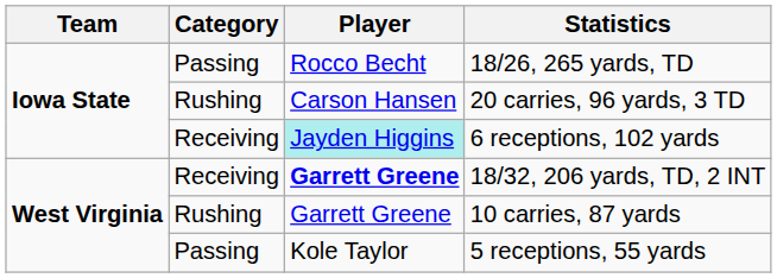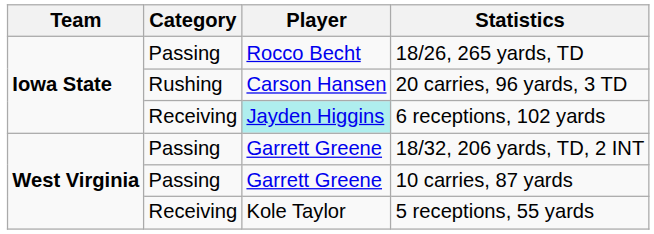 <table class="wikitable" style="float: right;">
 <tr>
 <th>Team</th>
 <th>Category</th>
 <th>Player</th>
 <th>Statistics</th>
 </tr>
 <tr>
 <td rowspan=3><strong>Iowa State</strong></td>
 <td>Passing</td>
 <td><a href='#'>Rocco Becht</a></td>
 <td>18/26, 265 yards, TD</td>
 </tr>
 <tr>
 <td>Rushing</td>
 <td><a href='#'>Carson Hansen</a></td>
 <td>20 carries, 96 yards, 3 TD</td>
 </tr>
 <tr>
 <td>Receiving</td>
 <td style="background: paleturquoise;"><a href='#'>Jayden Higgins</a></td>
 <td>6 receptions, 102 yards</td>
 </tr>
 <tr>
 <td rowspan=3><strong>West Virginia</strong></td>
-<td>Receiving</td>
-<td><strong><a href='#'>Garrett Greene</a></strong></td>
+<td>Passing</td>
+<td><a href='#'>Garrett Greene</a></td>
 <td>18/32, 206 yards, TD, 2 INT</td>
 </tr>
 <tr>
-<td>Rushing</td>
+<td>Passing</td>
 <td><a href='#'>Garrett Greene</a></td>
 <td>10 carries, 87 yards</td>
 </tr>
 <tr>
-<td>Passing</td>
+<td>Receiving</td>
 <td>Kole Taylor</td>
 <td>5 receptions, 55 yards</td>
 </tr>
 </table>
